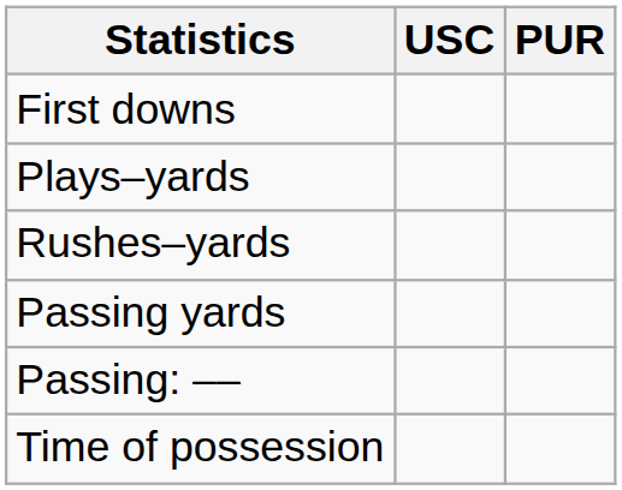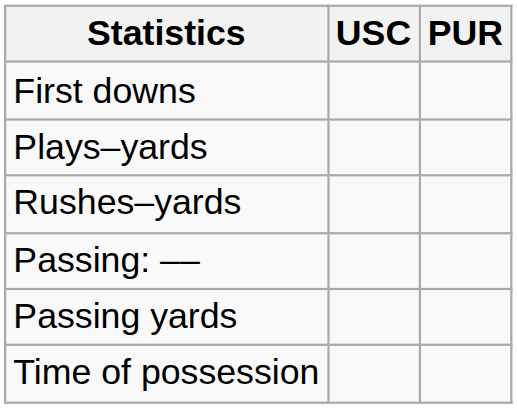 <table class="wikitable" style="float:left">
 <tr>
 <th>Statistics</th>
 <th>USC</th>
 <th>PUR</th>
 </tr>
 <tr>
 <td>First downs</td>
 <td></td>
 <td></td>
 </tr>
 <tr>
 <td>Plays–yards</td>
 <td></td>
 <td></td>
 </tr>
 <tr>
 <td>Rushes–yards</td>
 <td></td>
 <td></td>
 </tr>
 <tr>
-<td>Passing yards</td>
+<td>Passing: ––</td>
 <td></td>
 <td></td>
 </tr>
 <tr>
-<td>Passing: ––</td>
+<td>Passing yards</td>
 <td></td>
 <td></td>
 </tr>
 <tr>
 <td>Time of possession</td>
 <td></td>
 <td></td>
 </tr>
 </table>
